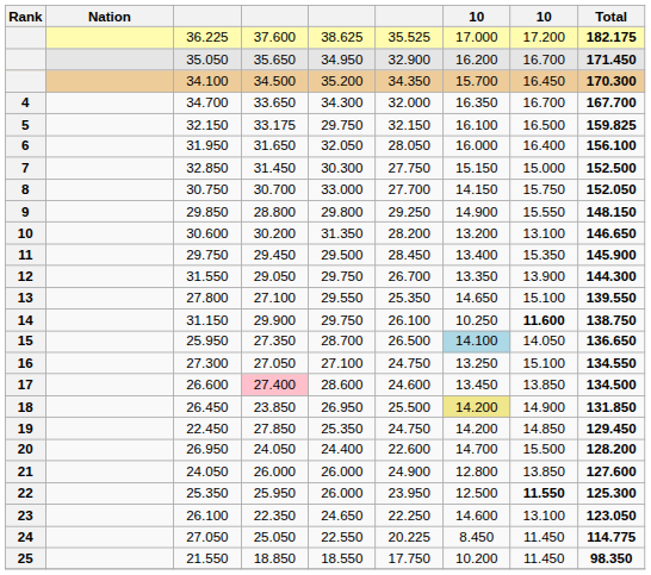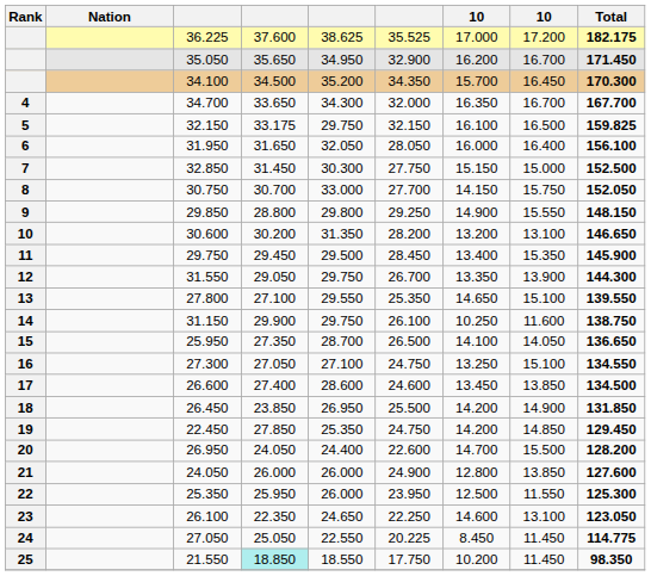 <table class="wikitable sortable" style="text-align:center; font-size:85%">
 <tr>
 <th scope="col" style="width:20px;">Rank</th>
 <th ! scope="col" style="width:120px;">Nation</th>
 <th ! scope="col" style="width:60px;"></th>
 <th ! scope="col" style="width:60px;"></th>
 <th ! scope="col" style="width:60px;"></th>
 <th ! scope="col" style="width:60px;"></th>
 <th ! scope="col" style="width:60px;">10 </th>
 <th ! scope="col" style="width:60px;">10 </th>
 <th ! scope="col" style="width:60px;">Total</th>
 </tr>
 <tr bgcolor=fffcaf>
 <th scope=row></th>
 <td align=left></td>
 <td>36.225</td>
 <td>37.600</td>
 <td>38.625</td>
 <td>35.525</td>
 <td>17.000</td>
 <td>17.200</td>
 <td><strong>182.175</strong></td>
 </tr>
 <tr bgcolor=e5e5e5>
 <th scope=row></th>
 <td align=left></td>
 <td>35.050</td>
 <td>35.650</td>
 <td>34.950</td>
 <td>32.900</td>
 <td>16.200</td>
 <td>16.700</td>
 <td><strong>171.450</strong></td>
 </tr>
 <tr bgcolor=eecc99>
 <th scope=row></th>
 <td align=left></td>
 <td>34.100</td>
 <td>34.500</td>
 <td>35.200</td>
 <td>34.350</td>
 <td>15.700</td>
 <td>16.450</td>
 <td><strong>170.300</strong></td>
 </tr>
 <tr>
 <th scope=row>4</th>
 <td align=left></td>
 <td>34.700</td>
 <td>33.650</td>
 <td>34.300</td>
 <td>32.000</td>
 <td>16.350</td>
 <td>16.700</td>
 <td><strong>167.700</strong></td>
 </tr>
 <tr>
 <th scope=row>5</th>
 <td align=left></td>
 <td>32.150</td>
 <td>33.175</td>
 <td>29.750</td>
 <td>32.150</td>
 <td>16.100</td>
 <td>16.500</td>
 <td><strong>159.825</strong></td>
 </tr>
 <tr>
 <th scope=row>6</th>
 <td align=left></td>
 <td>31.950</td>
 <td>31.650</td>
 <td>32.050</td>
 <td>28.050</td>
 <td>16.000</td>
 <td>16.400</td>
 <td><strong>156.100</strong></td>
 </tr>
 <tr>
 <th scope=row>7</th>
 <td align=left></td>
 <td>32.850</td>
 <td>31.450</td>
 <td>30.300</td>
 <td>27.750</td>
 <td>15.150</td>
 <td>15.000</td>
 <td><strong>152.500</strong></td>
 </tr>
 <tr>
 <th scope=row>8</th>
 <td align=left></td>
 <td>30.750</td>
 <td>30.700</td>
 <td>33.000</td>
 <td>27.700</td>
 <td>14.150</td>
 <td>15.750</td>
 <td><strong>152.050</strong></td>
 </tr>
 <tr>
 <th scope=row>9</th>
 <td align=left></td>
 <td>29.850</td>
 <td>28.800</td>
 <td>29.800</td>
 <td>29.250</td>
 <td>14.900</td>
 <td>15.550</td>
 <td><strong>148.150</strong></td>
 </tr>
 <tr>
 <th scope=row>10</th>
 <td align=left></td>
 <td>30.600</td>
 <td>30.200</td>
 <td>31.350</td>
 <td>28.200</td>
 <td>13.200</td>
 <td>13.100</td>
 <td><strong>146.650</strong></td>
 </tr>
 <tr>
 <th scope=row>11</th>
 <td align=left></td>
 <td>29.750</td>
 <td>29.450</td>
 <td>29.500</td>
 <td>28.450</td>
 <td>13.400</td>
 <td>15.350</td>
 <td><strong>145.900</strong></td>
 </tr>
 <tr>
 <th scope=row>12</th>
 <td align=left></td>
 <td>31.550</td>
 <td>29.050</td>
 <td>29.750</td>
 <td>26.700</td>
 <td>13.350</td>
 <td>13.900</td>
 <td><strong>144.300</strong></td>
 </tr>
 <tr>
 <th scope=row>13</th>
 <td align=left></td>
 <td>27.800</td>
 <td>27.100</td>
 <td>29.550</td>
 <td>25.350</td>
 <td>14.650</td>
 <td>15.100</td>
 <td><strong>139.550</strong></td>
 </tr>
 <tr>
 <th scope=row>14</th>
 <td align=left></td>
 <td>31.150</td>
 <td>29.900</td>
 <td>29.750</td>
 <td>26.100</td>
 <td>10.250</td>
-<td><strong>11.600</strong></td>
+<td>11.600</td>
 <td><strong>138.750</strong></td>
 </tr>
 <tr>
 <th scope=row>15</th>
 <td align=left></td>
 <td>25.950</td>
 <td>27.350</td>
 <td>28.700</td>
 <td>26.500</td>
-<td style="background: lightblue;">14.100</td>
+<td>14.100</td>
 <td>14.050</td>
 <td><strong>136.650</strong></td>
 </tr>
 <tr>
 <th scope=row>16</th>
 <td align=left></td>
 <td>27.300</td>
 <td>27.050</td>
 <td>27.100</td>
 <td>24.750</td>
 <td>13.250</td>
 <td>15.100</td>
 <td><strong>134.550</strong></td>
 </tr>
 <tr>
 <th scope=row>17</th>
 <td align=left></td>
 <td>26.600</td>
-<td style="background: pink;">27.400</td>
+<td>27.400</td>
 <td>28.600</td>
 <td>24.600</td>
 <td>13.450</td>
 <td>13.850</td>
 <td><strong>134.500</strong></td>
 </tr>
 <tr>
 <th scope=row>18</th>
 <td align=left></td>
 <td>26.450</td>
 <td>23.850</td>
 <td>26.950</td>
 <td>25.500</td>
-<td style="background: khaki;">14.200</td>
+<td>14.200</td>
 <td>14.900</td>
 <td><strong>131.850</strong></td>
 </tr>
 <tr>
 <th scope=row>19</th>
 <td align=left></td>
 <td>22.450</td>
 <td>27.850</td>
 <td>25.350</td>
 <td>24.750</td>
 <td>14.200</td>
 <td>14.850</td>
 <td><strong>129.450</strong></td>
 </tr>
 <tr>
 <th scope=row>20</th>
 <td align=left></td>
 <td>26.950</td>
 <td>24.050</td>
 <td>24.400</td>
 <td>22.600</td>
 <td>14.700</td>
 <td>15.500</td>
 <td><strong>128.200</strong></td>
 </tr>
 <tr>
 <th scope=row>21</th>
 <td align=left></td>
 <td>24.050</td>
 <td>26.000</td>
 <td>26.000</td>
 <td>24.900</td>
 <td>12.800</td>
 <td>13.850</td>
 <td><strong>127.600</strong></td>
 </tr>
 <tr>
 <th scope=row>22</th>
 <td align=left></td>
 <td>25.350</td>
 <td>25.950</td>
 <td>26.000</td>
 <td>23.950</td>
 <td>12.500</td>
-<td><strong>11.550</strong></td>
+<td>11.550</td>
 <td><strong>125.300</strong></td>
 </tr>
 <tr>
 <th scope=row>23</th>
 <td align=left></td>
 <td>26.100</td>
 <td>22.350</td>
 <td>24.650</td>
 <td>22.250</td>
 <td>14.600</td>
 <td>13.100</td>
 <td><strong>123.050</strong></td>
 </tr>
 <tr>
 <th scope=row>24</th>
 <td align=left></td>
 <td>27.050</td>
 <td>25.050</td>
 <td>22.550</td>
 <td>20.225</td>
 <td>8.450</td>
 <td>11.450</td>
 <td><strong>114.775</strong></td>
 </tr>
 <tr>
 <th scope=row>25</th>
 <td align=left></td>
 <td>21.550</td>
-<td>18.850</td>
+<td style="background: paleturquoise;">18.850</td>
 <td>18.550</td>
 <td>17.750</td>
 <td>10.200</td>
 <td>11.450</td>
 <td><strong>98.350</strong></td>
 </tr>
 <tr>
 </tr>
 </table>
